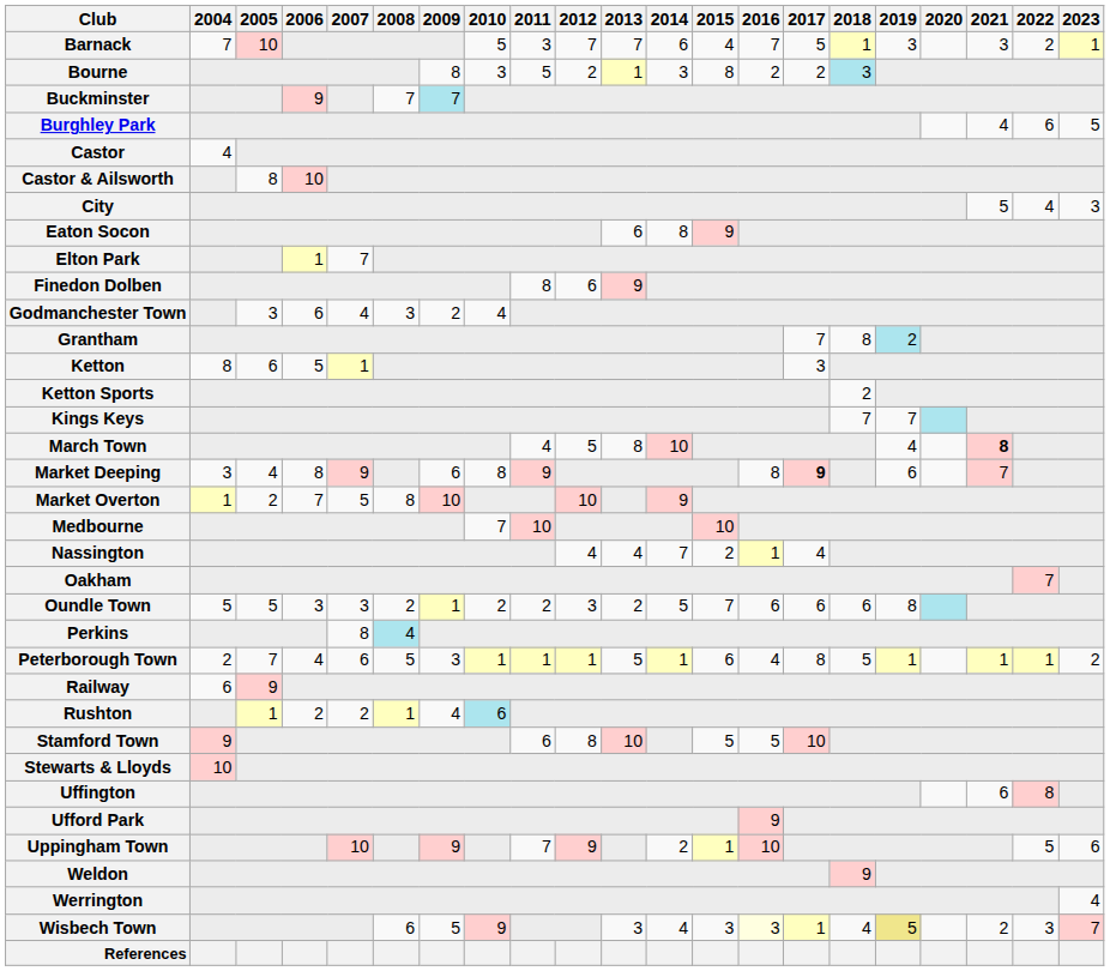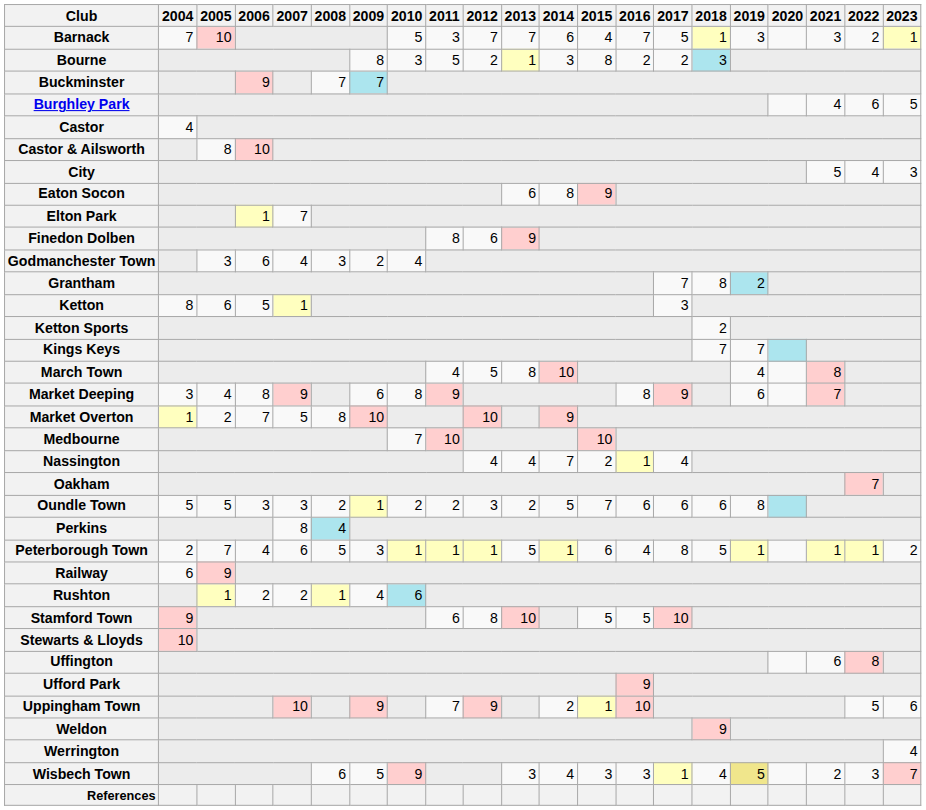 <table class="wikitable plainrowheaders" style="font-size:85%; text-align: right;">
 <tr>
 <th scope="col">Club</th>
 <th scope="col">2004</th>
 <th scope="col">2005</th>
 <th scope="col">2006</th>
 <th scope="col">2007</th>
 <th scope="col">2008</th>
 <th scope="col">2009</th>
 <th scope="col">2010</th>
 <th scope="col">2011</th>
 <th scope="col">2012</th>
 <th scope="col">2013</th>
 <th scope="col">2014</th>
 <th scope="col">2015</th>
 <th scope="col">2016</th>
 <th scope="col">2017</th>
 <th scope="col">2018</th>
 <th scope="col">2019</th>
 <th scope="col">2020</th>
 <th scope="col">2021</th>
 <th scope="col">2022</th>
 <th scope="col">2023</th>
 </tr>
 <tr>
 <th scope="row">Barnack</th>
 <td>7</td>
 <td bgcolor="#ffcfcf">10</td>
 <td bgcolor="#ececec" colspan="4"></td>
 <td>5</td>
 <td>3</td>
 <td>7</td>
 <td>7</td>
 <td>6</td>
 <td>4</td>
 <td>7</td>
 <td>5</td>
 <td bgcolor="#ffffbf">1</td>
 <td>3</td>
 <td></td>
 <td>3</td>
 <td>2</td>
 <td bgcolor="#ffffbf">1</td>
 </tr>
 <tr>
 <th scope="row">Bourne</th>
 <td bgcolor="#ececec" colspan="5"></td>
 <td>8</td>
 <td>3</td>
 <td>5</td>
 <td>2</td>
 <td bgcolor="#ffffbf">1</td>
 <td>3</td>
 <td>8</td>
 <td>2</td>
 <td>2</td>
 <td bgcolor="#ace5ee">3</td>
 <td bgcolor="#ececec" colspan="5"></td>
 </tr>
 <tr>
 <th scope="row">Buckminster</th>
 <td bgcolor="#ececec" colspan="2"></td>
 <td bgcolor="#ffcfcf">9</td>
 <td bgcolor="#ececec"></td>
 <td>7</td>
 <td bgcolor="#ace5ee">7</td>
 <td bgcolor="#ececec" colspan="14"></td>
 </tr>
 <tr>
 <th scope="row"><a href='#'>Burghley Park</a></th>
 <td bgcolor="#ececec" colspan="16"></td>
 <td></td>
 <td>4</td>
 <td>6</td>
 <td>5</td>
 </tr>
 <tr>
 <th scope="row">Castor </th>
 <td>4</td>
 <td bgcolor="#ececec" colspan="19"></td>
 </tr>
 <tr>
 <th scope="row">Castor & Ailsworth</th>
 <td bgcolor="#ececec"></td>
 <td>8</td>
 <td bgcolor="#ffcfcf">10</td>
 <td bgcolor="#ececec" colspan="17"></td>
 </tr>
 <tr>
 <th scope="row">City</th>
 <td bgcolor="#ececec" colspan="17"></td>
 <td>5</td>
 <td>4</td>
 <td>3</td>
 </tr>
 <tr>
 <th scope="row">Eaton Socon</th>
 <td bgcolor="#ececec" colspan="9"></td>
 <td>6</td>
 <td>8</td>
 <td bgcolor="#ffcfcf">9</td>
 <td bgcolor="#ececec" colspan="8"></td>
 </tr>
 <tr>
 <th scope="row">Elton Park</th>
 <td bgcolor="#ececec" colspan="2"></td>
 <td bgcolor="#ffffbf">1</td>
 <td>7</td>
 <td bgcolor="#ececec" colspan="16"></td>
 </tr>
 <tr>
 <th scope="row">Finedon Dolben</th>
 <td bgcolor="#ececec" colspan="7"></td>
 <td>8</td>
 <td>6</td>
 <td bgcolor="#ffcfcf">9</td>
 <td bgcolor="#ececec" colspan="10"></td>
 </tr>
 <tr>
 <th scope="row">Godmanchester Town</th>
 <td bgcolor="#ececec"></td>
 <td>3</td>
 <td>6</td>
 <td>4</td>
 <td>3</td>
 <td>2</td>
 <td>4</td>
 <td bgcolor="#ececec" colspan="13"></td>
 </tr>
 <tr>
 <th scope="row">Grantham</th>
 <td bgcolor="#ececec" colspan="13"></td>
 <td>7</td>
 <td>8</td>
 <td bgcolor="#ace5ee">2</td>
 <td bgcolor="#ececec" colspan="4"></td>
 </tr>
 <tr>
 <th scope="row">Ketton </th>
 <td>8</td>
 <td>6</td>
 <td>5</td>
 <td bgcolor="#ffffbf">1</td>
 <td bgcolor="#ececec" colspan="9"></td>
 <td>3</td>
 <td bgcolor="#ececec" colspan="6"></td>
 </tr>
 <tr>
 <th scope="row">Ketton Sports </th>
 <td bgcolor="#ececec" colspan="14"></td>
 <td>2</td>
 <td bgcolor="#ececec" colspan="5"></td>
 </tr>
 <tr>
 <th scope="row">Kings Keys</th>
 <td bgcolor="#ececec" colspan="14"></td>
 <td>7</td>
 <td>7</td>
 <td bgcolor="#ace5ee"></td>
 <td bgcolor="#ececec" colspan="4"></td>
 </tr>
 <tr>
 <th scope="row">March Town</th>
 <td bgcolor="#ececec" colspan="7"></td>
 <td>4</td>
 <td>5</td>
 <td>8</td>
 <td bgcolor="#ffcfcf">10</td>
 <td bgcolor="#ececec" colspan="4"></td>
 <td>4</td>
 <td></td>
-<td bgcolor="#ffcfcf"><strong>8</strong></td>
+<td bgcolor="#ffcfcf">8</td>
 <td bgcolor="#ececec" colspan="2"></td>
 </tr>
 <tr>
 <th scope="row">Market Deeping</th>
 <td>3</td>
 <td>4</td>
 <td>8</td>
 <td bgcolor="#ffcfcf">9</td>
 <td bgcolor="#ececec"></td>
 <td>6</td>
 <td>8</td>
 <td bgcolor="#ffcfcf">9</td>
 <td bgcolor="#ececec" colspan="4"></td>
 <td>8</td>
-<td bgcolor="#ffcfcf"><strong>9</strong></td>
+<td bgcolor="#ffcfcf">9</td>
 <td bgcolor="#ececec"></td>
 <td>6</td>
 <td></td>
 <td bgcolor="#ffcfcf">7</td>
 <td bgcolor="#ececec" colspan="2"></td>
 </tr>
 <tr>
 <th scope="row">Market Overton</th>
 <td bgcolor="#ffffbf">1</td>
 <td>2</td>
 <td>7</td>
 <td>5</td>
 <td>8</td>
 <td bgcolor="#ffcfcf">10</td>
 <td bgcolor="#ececec" colspan="2"></td>
 <td bgcolor="#ffcfcf">10</td>
 <td bgcolor="#ececec"></td>
 <td bgcolor="#ffcfcf">9</td>
 <td bgcolor="#ececec" colspan="9"></td>
 </tr>
 <tr>
 <th scope="row">Medbourne</th>
 <td bgcolor="#ececec" colspan="6"></td>
 <td>7</td>
 <td bgcolor="#ffcfcf">10</td>
 <td bgcolor="#ececec" colspan="3"></td>
 <td bgcolor="#ffcfcf">10</td>
 <td bgcolor="#ececec" colspan="8"></td>
 </tr>
 <tr>
 <th scope="row">Nassington</th>
 <td bgcolor="#ececec" colspan="8"></td>
 <td>4</td>
 <td>4</td>
 <td>7</td>
 <td>2</td>
 <td bgcolor="#ffffbf">1</td>
 <td>4</td>
 <td bgcolor="#ececec" colspan="6"></td>
 </tr>
 <tr>
 <th scope="row">Oakham</th>
 <td bgcolor="#ececec" colspan="18"></td>
 <td bgcolor="#ffcfcf">7</td>
 <td bgcolor="#ececec" colspan="1"></td>
 </tr>
 <tr>
 <th scope="row">Oundle Town</th>
 <td>5</td>
 <td>5</td>
 <td>3</td>
 <td>3</td>
 <td>2</td>
 <td bgcolor="#ffffbf">1</td>
 <td>2</td>
 <td>2</td>
 <td>3</td>
 <td>2</td>
 <td>5</td>
 <td>7</td>
 <td>6</td>
 <td>6</td>
 <td>6</td>
 <td>8</td>
 <td bgcolor="#ace5ee"></td>
 <td bgcolor="#ececec" colspan="3"></td>
 </tr>
 <tr>
 <th scope="row">Perkins</th>
 <td bgcolor="#ececec" colspan="3"></td>
 <td>8</td>
 <td bgcolor="#ace5ee">4</td>
 <td bgcolor="#ececec" colspan="15"></td>
 </tr>
 <tr>
 <th scope="row">Peterborough Town</th>
 <td>2</td>
 <td>7</td>
 <td>4</td>
 <td>6</td>
 <td>5</td>
 <td>3</td>
 <td bgcolor="#ffffbf">1</td>
 <td bgcolor="#ffffbf">1</td>
 <td bgcolor="#ffffbf">1</td>
 <td>5</td>
 <td bgcolor="#ffffbf">1</td>
 <td>6</td>
 <td>4</td>
 <td>8</td>
 <td>5</td>
 <td bgcolor="#ffffbf">1</td>
 <td></td>
 <td bgcolor="#ffffbf">1</td>
 <td bgcolor="#ffffbf">1</td>
 <td>2</td>
 </tr>
 <tr>
 <th scope="row">Railway</th>
 <td>6</td>
 <td bgcolor="#ffcfcf">9</td>
 <td bgcolor="#ececec" colspan="18"></td>
 </tr>
 <tr>
 <th scope="row">Rushton</th>
 <td bgcolor="#ececec"></td>
 <td bgcolor="#ffffbf">1</td>
 <td>2</td>
 <td>2</td>
 <td bgcolor="#ffffbf">1</td>
 <td>4</td>
 <td bgcolor="#ace5ee">6</td>
 <td bgcolor="#ececec" colspan="13"></td>
 </tr>
 <tr>
 <th scope="row">Stamford Town</th>
 <td bgcolor="#ffcfcf">9</td>
 <td bgcolor="#ececec" colspan="6"></td>
 <td>6</td>
 <td>8</td>
 <td bgcolor="#ffcfcf">10</td>
 <td bgcolor="#ececec"></td>
 <td>5</td>
 <td>5</td>
 <td bgcolor="#ffcfcf">10</td>
 <td bgcolor="#ececec" colspan="6"></td>
 </tr>
 <tr>
 <th scope="row">Stewarts & Lloyds</th>
 <td bgcolor="#ffcfcf">10</td>
 <td bgcolor="#ececec" colspan="19"></td>
 </tr>
 <tr>
 <th scope="row">Uffington</th>
 <td bgcolor="#ececec" colspan="16"></td>
 <td></td>
 <td>6</td>
 <td bgcolor="#ffcfcf">8</td>
 <td bgcolor="#ececec" colspan="1"></td>
 </tr>
 <tr>
 <th scope="row">Ufford Park</th>
 <td bgcolor="#ececec" colspan="12"></td>
 <td bgcolor="#ffcfcf">9</td>
 <td bgcolor="#ececec" colspan="7"></td>
 </tr>
 <tr>
 <th scope="row">Uppingham Town</th>
 <td bgcolor="#ececec" colspan="3"></td>
 <td bgcolor="#ffcfcf">10</td>
 <td bgcolor="#ececec"></td>
 <td bgcolor="#ffcfcf">9</td>
 <td bgcolor="#ececec"></td>
 <td>7</td>
 <td bgcolor="#ffcfcf">9</td>
 <td bgcolor="#ececec"></td>
 <td>2</td>
 <td bgcolor="#ffffbf">1</td>
 <td bgcolor="#ffcfcf">10</td>
 <td bgcolor="#ececec" colspan="5"></td>
 <td>5</td>
 <td>6</td>
 </tr>
 <tr>
 <th scope="row">Weldon</th>
 <td bgcolor="#ececec" colspan="14"></td>
 <td bgcolor="#ffcfcf">9</td>
 <td bgcolor="#ececec" colspan="5"></td>
 </tr>
 <tr>
 <th scope="row">Werrington</th>
 <td bgcolor="#ececec" colspan="19"></td>
 <td>4</td>
 </tr>
 <tr>
 <th scope="row">Wisbech Town</th>
 <td bgcolor="#ececec" colspan="4"></td>
 <td>6</td>
 <td>5</td>
 <td bgcolor="#ffcfcf">9</td>
 <td bgcolor="#ececec" colspan="2"></td>
 <td>3</td>
 <td>4</td>
 <td>3</td>
-<td style="background: lightyellow;">3</td>
+<td>3</td>
 <td bgcolor="#ffffbf">1</td>
 <td>4</td>
 <td style="background: khaki;">5</td>
 <td></td>
 <td>2</td>
 <td>3</td>
 <td bgcolor="#ffcfcf">7</td>
 </tr>
 <tr style="font-size:90%; text-align:center">
 <th scope="row" style="text-align: right">References</th>
 <th scope="col"></th>
 <th scope="col"></th>
 <th scope="col"></th>
 <th scope="col"></th>
 <th scope="col"></th>
 <th scope="col"></th>
 <th scope="col"></th>
 <th scope="col"></th>
 <th scope="col"></th>
 <th scope="col"></th>
 <th scope="col"></th>
 <th scope="col"></th>
 <th scope="col"></th>
 <th scope="col"></th>
 <th scope="col"></th>
 <th scope="col"></th>
 <th scope="col"></th>
 <th scope="col"></th>
 <th scope="col"></th>
 <th scope="col"></th>
 </tr>
 </table>
